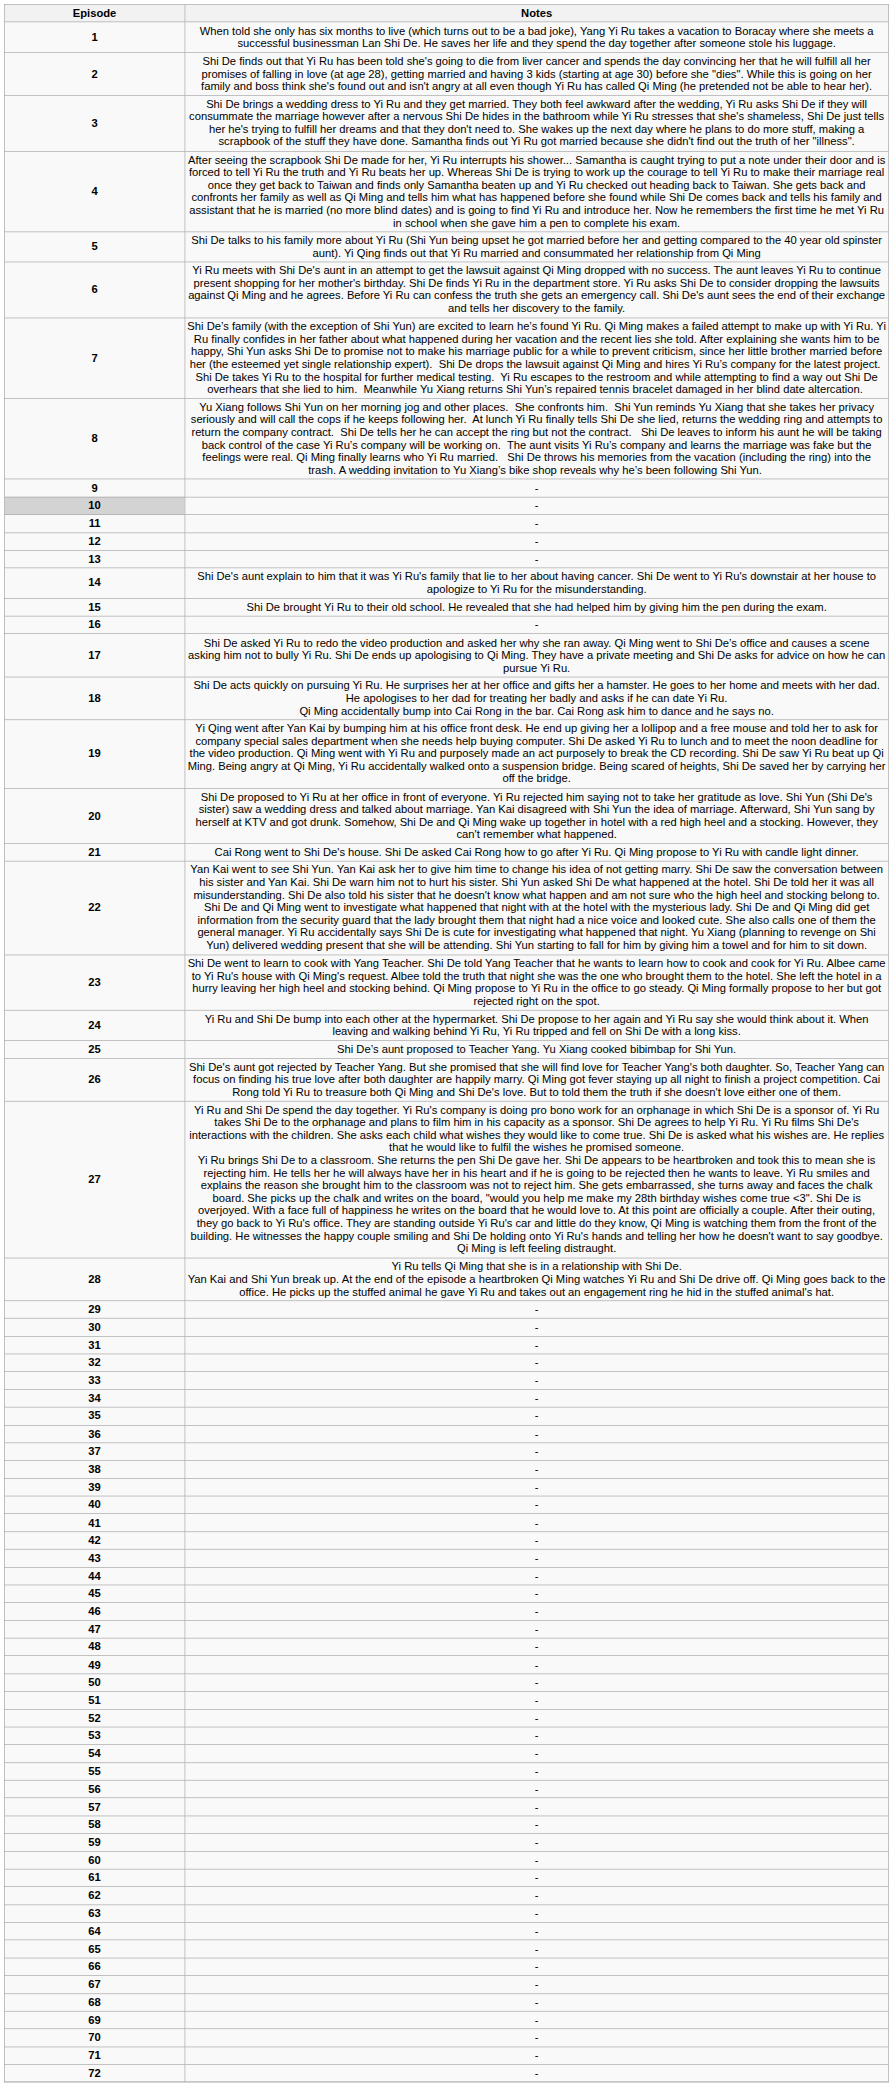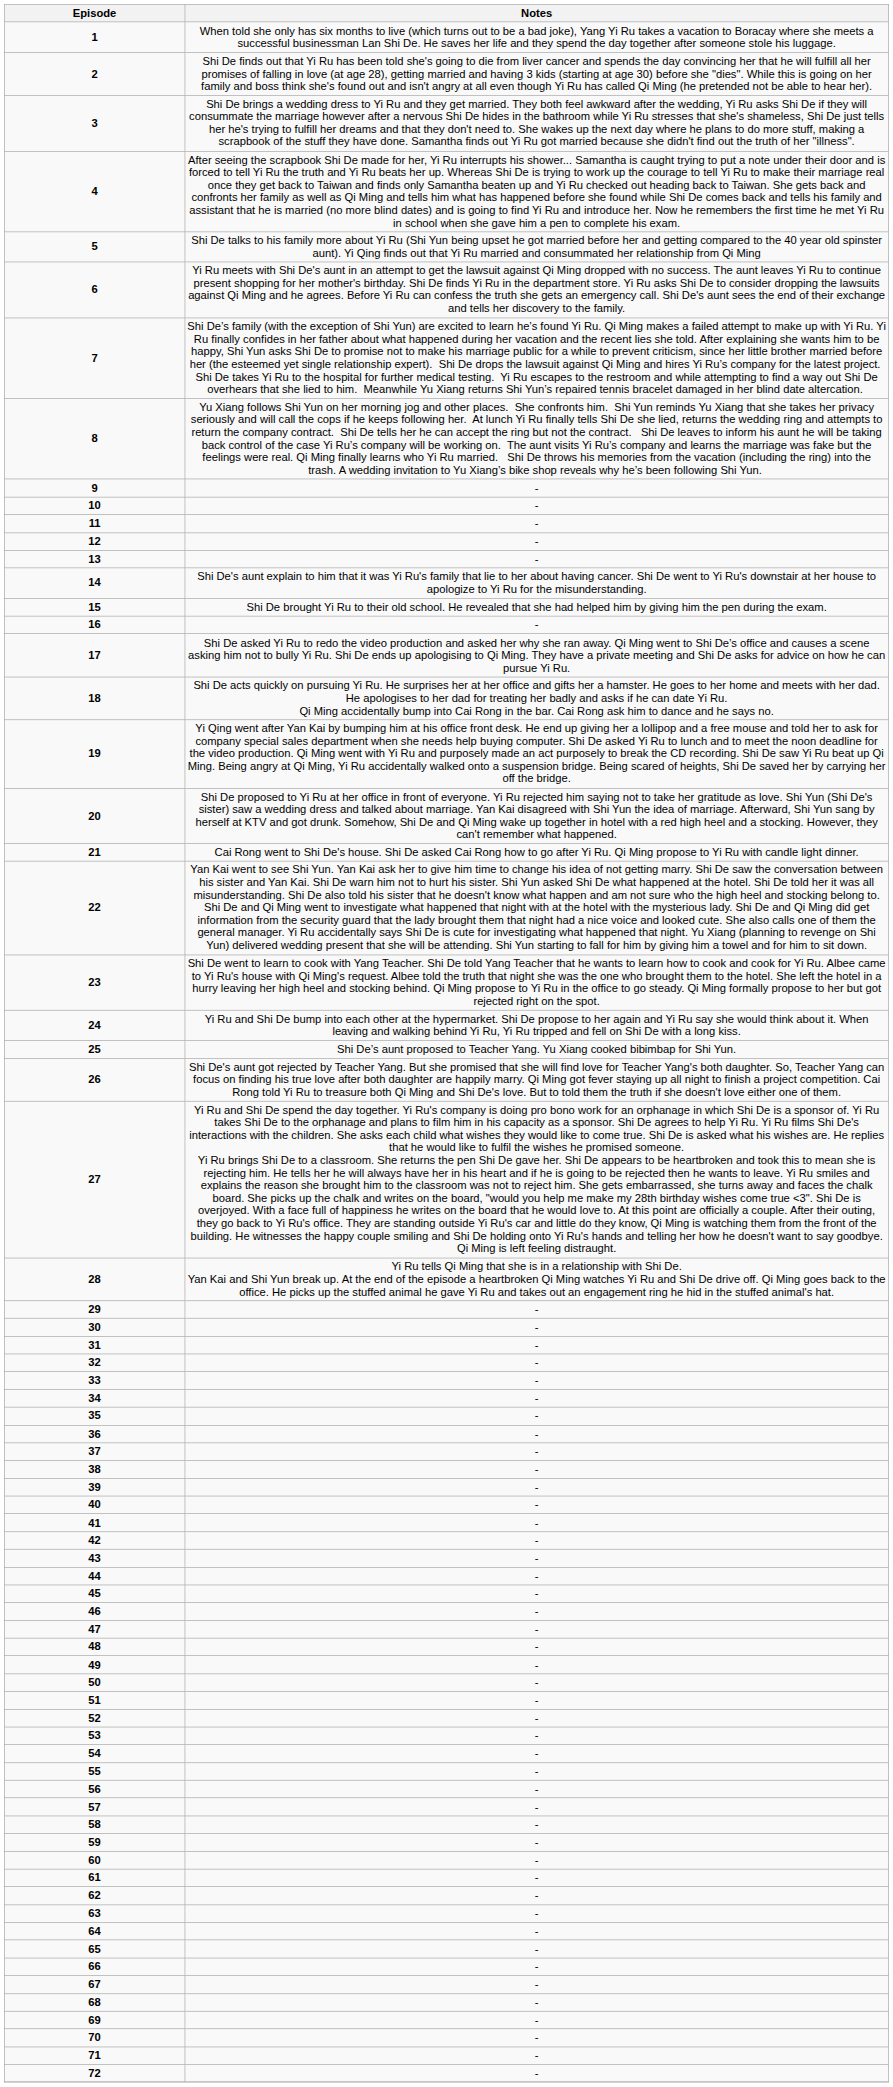 <table class="wikitable" width="100%">
 <tr>
 <th width="5%">Episode</th>
 <th width="20%">Notes</th>
 </tr>
 <tr align="center">
 <td><strong>1</strong></td>
 <td>When told she only has six months to live (which turns out to be a bad joke), Yang Yi Ru takes a vacation to Boracay where she meets a successful businessman Lan Shi De. He saves her life and they spend the day together after someone stole his luggage.</td>
 </tr>
 <tr align="center">
 <td><strong>2</strong></td>
 <td>Shi De finds out that Yi Ru has been told she's going to die from liver cancer and spends the day convincing her that he will fulfill all her promises of falling in love (at age 28), getting married and having 3 kids (starting at age 30) before she "dies". While this is going on her family and boss think she's found out and isn't angry at all even though Yi Ru has called Qi Ming (he pretended not be able to hear her).</td>
 </tr>
 <tr align="center">
 <td><strong>3</strong></td>
 <td>Shi De brings a wedding dress to Yi Ru and they get married. They both feel awkward after the wedding, Yi Ru asks Shi De if they will consummate the marriage however after a nervous Shi De hides in the bathroom while Yi Ru stresses that she's shameless, Shi De just tells her he's trying to fulfill her dreams and that they don't need to. She wakes up the next day where he plans to do more stuff, making a scrapbook of the stuff they have done. Samantha finds out Yi Ru got married because she didn't find out the truth of her "illness".</td>
 </tr>
 <tr align="center">
 <td><strong>4</strong></td>
 <td>After seeing the scrapbook Shi De made for her, Yi Ru interrupts his shower... Samantha is caught trying to put a note under their door and is forced to tell Yi Ru the truth and Yi Ru beats her up. Whereas Shi De is trying to work up the courage to tell Yi Ru to make their marriage real once they get back to Taiwan and finds only Samantha beaten up and Yi Ru checked out heading back to Taiwan. She gets back and confronts her family as well as Qi Ming and tells him what has happened before she found while Shi De comes back and tells his family and assistant that he is married (no more blind dates) and is going to find Yi Ru and introduce her. Now he remembers the first time he met Yi Ru in school when she gave him a pen to complete his exam.</td>
 </tr>
 <tr align="center">
 <td><strong>5</strong></td>
 <td>Shi De talks to his family more about Yi Ru (Shi Yun being upset he got married before her and getting compared to the 40 year old spinster aunt). Yi Qing finds out that Yi Ru married and consummated her relationship from Qi Ming</td>
 </tr>
 <tr align="center">
 <td><strong>6</strong></td>
 <td>Yi Ru meets with Shi De's aunt in an attempt to get the lawsuit against Qi Ming dropped with no success. The aunt leaves Yi Ru to continue present shopping for her mother's birthday.  Shi De finds Yi Ru in the department store.  Yi Ru asks Shi De to consider dropping the lawsuits against Qi Ming and he agrees.  Before Yi Ru can confess the truth she gets an emergency call.  Shi De's aunt sees the end of their exchange and tells her discovery to the family.</td>
 </tr>
 <tr align="center">
 <td><strong>7</strong></td>
 <td>Shi De’s family (with the exception of Shi Yun) are excited to learn he’s found Yi Ru. Qi Ming makes a failed attempt to make up with Yi Ru. Yi Ru finally confides in her father about what happened during her vacation and the recent lies she told. After explaining she wants him to be happy, Shi Yun asks Shi De to promise not to make his marriage public for a while to prevent criticism, since her little brother married before her (the esteemed yet single relationship expert).  Shi De drops the lawsuit against Qi Ming and hires Yi Ru’s company for the latest project.  Shi De takes Yi Ru to the hospital for further medical testing.  Yi Ru escapes to the restroom and while attempting to find a way out Shi De overhears that she lied to him.  Meanwhile Yu Xiang returns Shi Yun’s repaired tennis bracelet damaged in her blind date altercation. </td>
 </tr>
 <tr align="center">
 <td><strong>8</strong></td>
 <td>Yu Xiang follows Shi Yun on her morning jog and other places.  She confronts him.  Shi Yun reminds Yu Xiang that she takes her privacy seriously and will call the cops if he keeps following her.  At lunch Yi Ru finally tells Shi De she lied, returns the wedding ring and attempts to return the company contract.  Shi De tells her he can accept the ring but not the contract.   Shi De leaves to inform his aunt he will be taking back control of the case Yi Ru’s company will be working on.  The aunt visits Yi Ru’s company and learns the marriage was fake but the feelings were real. Qi Ming finally learns who Yi Ru married.   Shi De throws his memories from the vacation (including the ring) into the trash. A wedding invitation to Yu Xiang’s bike shop reveals why he’s been following Shi Yun. </td>
 </tr>
 <tr align="center">
 <td><strong>9</strong></td>
 <td>-</td>
 </tr>
 <tr align="center">
-<td style="background: lightgrey;"><strong>10</strong></td>
+<td><strong>10</strong></td>
 <td>-</td>
 </tr>
 <tr align="center">
 <td><strong>11</strong></td>
 <td>-</td>
 </tr>
 <tr align="center">
 <td><strong>12</strong></td>
 <td>-</td>
 </tr>
 <tr align="center">
 <td><strong>13</strong></td>
 <td>-</td>
 </tr>
 <tr align="center">
 <td><strong>14</strong></td>
 <td>Shi De's aunt explain to him that it was Yi Ru's family that lie to her about having cancer.  Shi De went to Yi Ru's downstair at her house to apologize to Yi Ru for the misunderstanding.</td>
 </tr>
 <tr align="center">
 <td><strong>15</strong></td>
 <td>Shi De brought Yi Ru to their old school.  He revealed that she had helped him by giving him the pen during the exam.</td>
 </tr>
 <tr align="center">
 <td><strong>16</strong></td>
 <td>-</td>
 </tr>
 <tr align="center">
 <td><strong>17</strong></td>
 <td>Shi De asked Yi Ru to redo the video production and asked her why she ran away.  Qi Ming went to Shi De’s office and causes a scene asking him not to bully Yi Ru.  Shi De ends up apologising to Qi Ming. They have a private meeting and Shi De asks for advice on how he can pursue Yi Ru.</td>
 </tr>
 <tr align="center">
 <td><strong>18</strong></td>
 <td>Shi De acts quickly on pursuing Yi Ru. He surprises her at her office and gifts her a hamster. He goes to her home and meets with her dad. He apologises to her dad for treating her badly and asks if he can date Yi Ru.<br>Qi Ming accidentally bump into Cai Rong in the bar.  Cai Rong ask him to dance and he says no.</td>
 </tr>
 <tr align="center">
 <td><strong>19</strong></td>
 <td>Yi Qing went after Yan Kai by bumping him at his office front desk.  He end up giving her a lollipop and a free mouse and told her to ask for company special sales department when she needs help buying computer.  Shi De asked Yi Ru to lunch and to meet the noon deadline for the video production.  Qi Ming went with Yi Ru and purposely made an act purposely to break the CD recording.  Shi De saw Yi Ru beat up Qi Ming.  Being angry at Qi Ming, Yi Ru accidentally walked onto a suspension bridge.  Being scared of heights, Shi De saved her by carrying her off the bridge.</td>
 </tr>
 <tr align="center">
 <td><strong>20</strong></td>
 <td>Shi De proposed to Yi Ru at her office in front of everyone.  Yi Ru rejected him saying not to take her gratitude as love.  Shi Yun (Shi De's sister) saw a wedding dress and talked about marriage.  Yan Kai disagreed with Shi Yun the idea of marriage.  Afterward, Shi Yun sang by herself at KTV and got drunk.  Somehow, Shi De and Qi Ming wake up together in hotel with a red high heel and a stocking.  However, they can't remember what happened.</td>
 </tr>
 <tr align="center">
 <td><strong>21</strong></td>
 <td>Cai Rong went to Shi De's house.  Shi De asked Cai Rong how to go after Yi Ru.  Qi Ming propose to Yi Ru with candle light dinner.</td>
 </tr>
 <tr align="center">
 <td><strong>22</strong></td>
 <td>Yan Kai went to see Shi Yun. Yan Kai ask her to give him time to change his idea of not getting marry.  Shi De saw the conversation between his sister and Yan Kai.  Shi De warn him not to hurt his sister. Shi Yun asked Shi De what happened at the hotel.  Shi De told her it was all misunderstanding. Shi De also told his sister that he doesn't know what happen and am not sure who the high heel and stocking belong to.  Shi De and Qi Ming went to investigate what happened that night with at the hotel with the mysterious lady.  Shi De and Qi Ming did get information from the security guard that the lady brought them that night had a nice voice and looked cute.  She also calls one of them the general manager.  Yi Ru accidentally says Shi De is cute for investigating what happened that night.  Yu Xiang (planning to revenge on Shi Yun) delivered wedding present that she will be attending.  Shi Yun starting to fall for him by giving him a towel and for him to sit down.</td>
 </tr>
 <tr align="center">
 <td><strong>23</strong></td>
 <td>Shi De went to learn to cook with Yang Teacher.  Shi De told Yang Teacher that he wants to learn how to cook and cook for Yi Ru.  Albee came to Yi Ru's house with Qi Ming's request.  Albee told the truth that night she was the one who brought them to the hotel.  She left the hotel in a hurry leaving her high heel and stocking behind.  Qi Ming propose to Yi Ru in the office to go steady.  Qi Ming formally propose to her but got rejected right on the spot.</td>
 </tr>
 <tr align="center">
 <td><strong>24</strong></td>
 <td>Yi Ru and Shi De bump into each other at the hypermarket.  Shi De propose to her again and Yi Ru say she would think about it.  When leaving and walking behind Yi Ru, Yi Ru tripped and fell on Shi De with a long kiss.</td>
 </tr>
 <tr align="center">
 <td><strong>25</strong></td>
 <td>Shi De’s aunt proposed to Teacher Yang.    Yu Xiang cooked bibimbap for Shi Yun.</td>
 </tr>
 <tr align="center">
 <td><strong>26</strong></td>
 <td>Shi De's aunt got rejected by Teacher Yang.  But she promised that she will find love for Teacher Yang's both daughter.  So, Teacher Yang can focus on finding his true love after both daughter are happily marry.  Qi Ming got fever staying up all night to finish a project competition.  Cai Rong told Yi Ru to treasure both Qi Ming and Shi De's love.  But to told them the truth if she doesn't love either one of them.</td>
 </tr>
 <tr align="center">
 <td><strong>27</strong></td>
 <td>Yi Ru and Shi De spend the day together. Yi Ru's company is doing pro bono work for an orphanage in which Shi De is a sponsor of. Yi Ru takes Shi De to the orphanage and plans to film him in his capacity as a sponsor. Shi De agrees to help Yi Ru. Yi Ru films Shi De's interactions with the children. She asks each child what wishes they would like to come true. Shi De is asked what his wishes are. He replies that he would like to fulfil the wishes he promised someone.<br>Yi Ru brings Shi De to a classroom. She returns the pen Shi De gave her. Shi De appears to be heartbroken and took this to mean she is rejecting him. He tells her he will always have her in his heart and if he is going to be rejected then he wants to leave. Yi Ru smiles and explains the reason she brought him to the classroom was not to reject him. She gets embarrassed, she turns away and faces the chalk board. She picks up the chalk and writes on the board, "would you help me make my 28th birthday wishes come true <3". Shi De is overjoyed. With a face full of happiness he writes on the board that he would love to. At this point are officially a couple.  After their outing, they go back to Yi Ru's office. They are standing outside Yi Ru's car and little do they know, Qi Ming is watching them from the front of the building. He witnesses the happy couple smiling and Shi De holding onto Yi Ru's hands and telling her how he doesn't want to say goodbye. Qi Ming is left feeling distraught.</td>
 </tr>
 <tr align="center">
 <td><strong>28</strong></td>
 <td>Yi Ru tells Qi Ming that she is in a relationship with Shi De.<br>Yan Kai and Shi Yun break up. At the end of the episode a heartbroken Qi Ming watches Yi Ru and Shi De drive off. Qi Ming goes back to the office. He picks up the stuffed animal he gave Yi Ru and takes out an engagement ring he hid in the stuffed animal's hat.</td>
 </tr>
 <tr align="center">
 <td><strong>29</strong></td>
 <td>-</td>
 </tr>
 <tr align="center">
 <td><strong>30</strong></td>
 <td>-</td>
 </tr>
 <tr align="center">
 <td><strong>31</strong></td>
 <td>-</td>
 </tr>
 <tr align="center">
 <td><strong>32</strong></td>
 <td>-</td>
 </tr>
 <tr align="center">
 <td><strong>33</strong></td>
 <td>-</td>
 </tr>
 <tr align="center">
 <td><strong>34</strong></td>
 <td>-</td>
 </tr>
 <tr align="center">
 <td><strong>35</strong></td>
 <td>-</td>
 </tr>
 <tr align="center">
 <td><strong>36</strong></td>
 <td>-</td>
 </tr>
 <tr align="center">
 <td><strong>37</strong></td>
 <td>-</td>
 </tr>
 <tr align="center">
 <td><strong>38</strong></td>
 <td>-</td>
 </tr>
 <tr align="center">
 <td><strong>39</strong></td>
 <td>-</td>
 </tr>
 <tr align="center">
 <td><strong>40</strong></td>
 <td>-</td>
 </tr>
 <tr align="center">
 <td><strong>41</strong></td>
 <td>-</td>
 </tr>
 <tr align="center">
 <td><strong>42</strong></td>
 <td>-</td>
 </tr>
 <tr align="center">
 <td><strong>43</strong></td>
 <td>-</td>
 </tr>
 <tr align="center">
 <td><strong>44</strong></td>
 <td>-</td>
 </tr>
 <tr align="center">
 <td><strong>45</strong></td>
 <td>-</td>
 </tr>
 <tr align="center">
 <td><strong>46</strong></td>
 <td>-</td>
 </tr>
 <tr align="center">
 <td><strong>47</strong></td>
 <td>-</td>
 </tr>
 <tr align="center">
 <td><strong>48</strong></td>
 <td>-</td>
 </tr>
 <tr align="center">
 <td><strong>49</strong></td>
 <td>-</td>
 </tr>
 <tr align="center">
 <td><strong>50</strong></td>
 <td>-</td>
 </tr>
 <tr align="center">
 <td><strong>51</strong></td>
 <td>-</td>
 </tr>
 <tr align="center">
 <td><strong>52</strong></td>
 <td>-</td>
 </tr>
 <tr align="center">
 <td><strong>53</strong></td>
 <td>-</td>
 </tr>
 <tr align="center">
 <td><strong>54</strong></td>
 <td>-</td>
 </tr>
 <tr align="center">
 <td><strong>55</strong></td>
 <td>-</td>
 </tr>
 <tr align="center">
 <td><strong>56</strong></td>
 <td>-</td>
 </tr>
 <tr align="center">
 <td><strong>57</strong></td>
 <td>-</td>
 </tr>
 <tr align="center">
 <td><strong>58</strong></td>
 <td>-</td>
 </tr>
 <tr align="center">
 <td><strong>59</strong></td>
 <td>-</td>
 </tr>
 <tr align="center">
 <td><strong>60</strong></td>
 <td>-</td>
 </tr>
 <tr align="center">
 <td><strong>61</strong></td>
 <td>-</td>
 </tr>
 <tr align="center">
 <td><strong>62</strong></td>
 <td>-</td>
 </tr>
 <tr align="center">
 <td><strong>63</strong></td>
 <td>-</td>
 </tr>
 <tr align="center">
 <td><strong>64</strong></td>
 <td>-</td>
 </tr>
 <tr align="center">
 <td><strong>65</strong></td>
 <td>-</td>
 </tr>
 <tr align="center">
 <td><strong>66</strong></td>
 <td>-</td>
 </tr>
 <tr align="center">
 <td><strong>67</strong></td>
 <td>-</td>
 </tr>
 <tr align="center">
 <td><strong>68</strong></td>
 <td>-</td>
 </tr>
 <tr align="center">
 <td><strong>69</strong></td>
 <td>-</td>
 </tr>
 <tr align="center">
 <td><strong>70</strong></td>
 <td>-</td>
 </tr>
 <tr align="center">
 <td><strong>71</strong></td>
 <td>-</td>
 </tr>
 <tr align="center">
 <td><strong>72</strong></td>
 <td>-</td>
 </tr>
 <tr align="center">
 </tr>
 </table>
